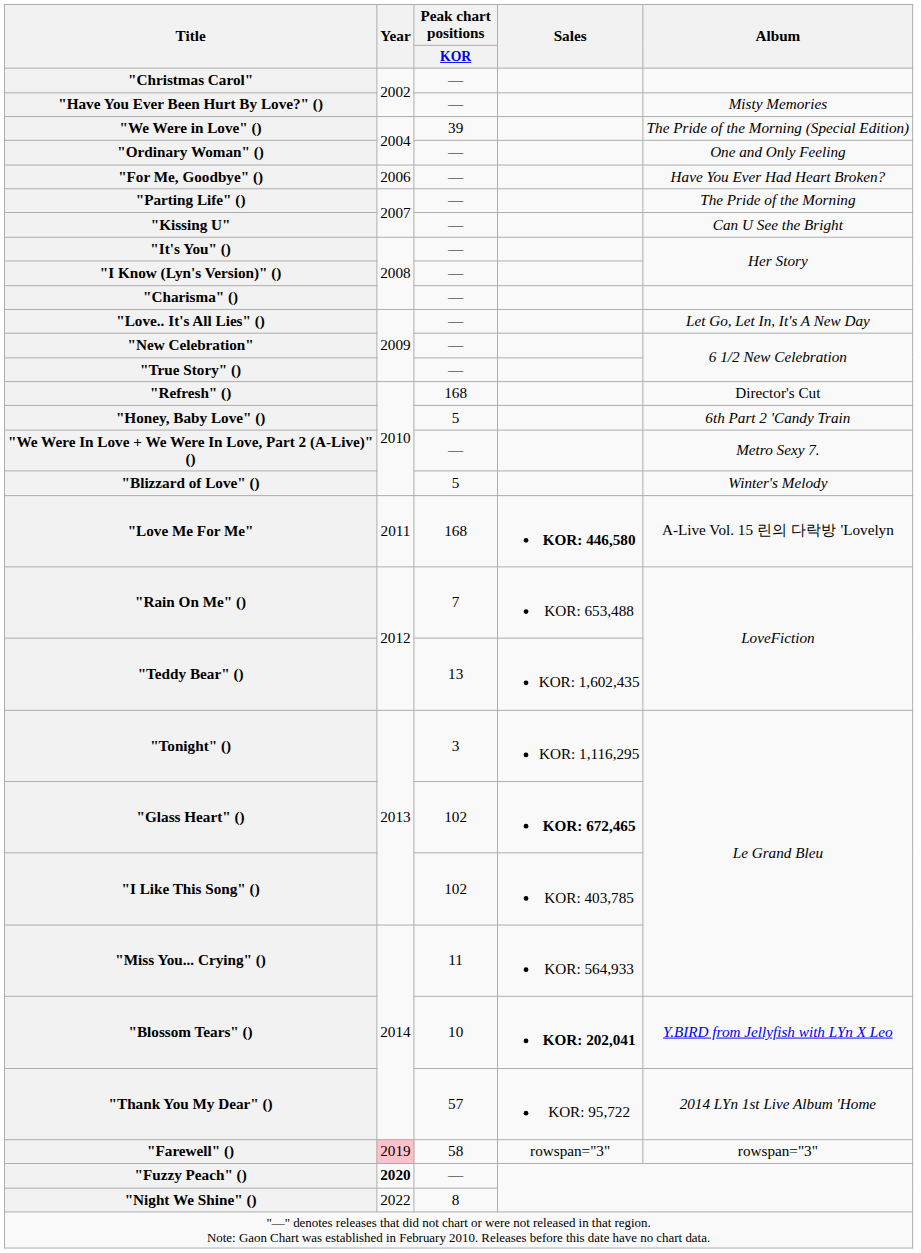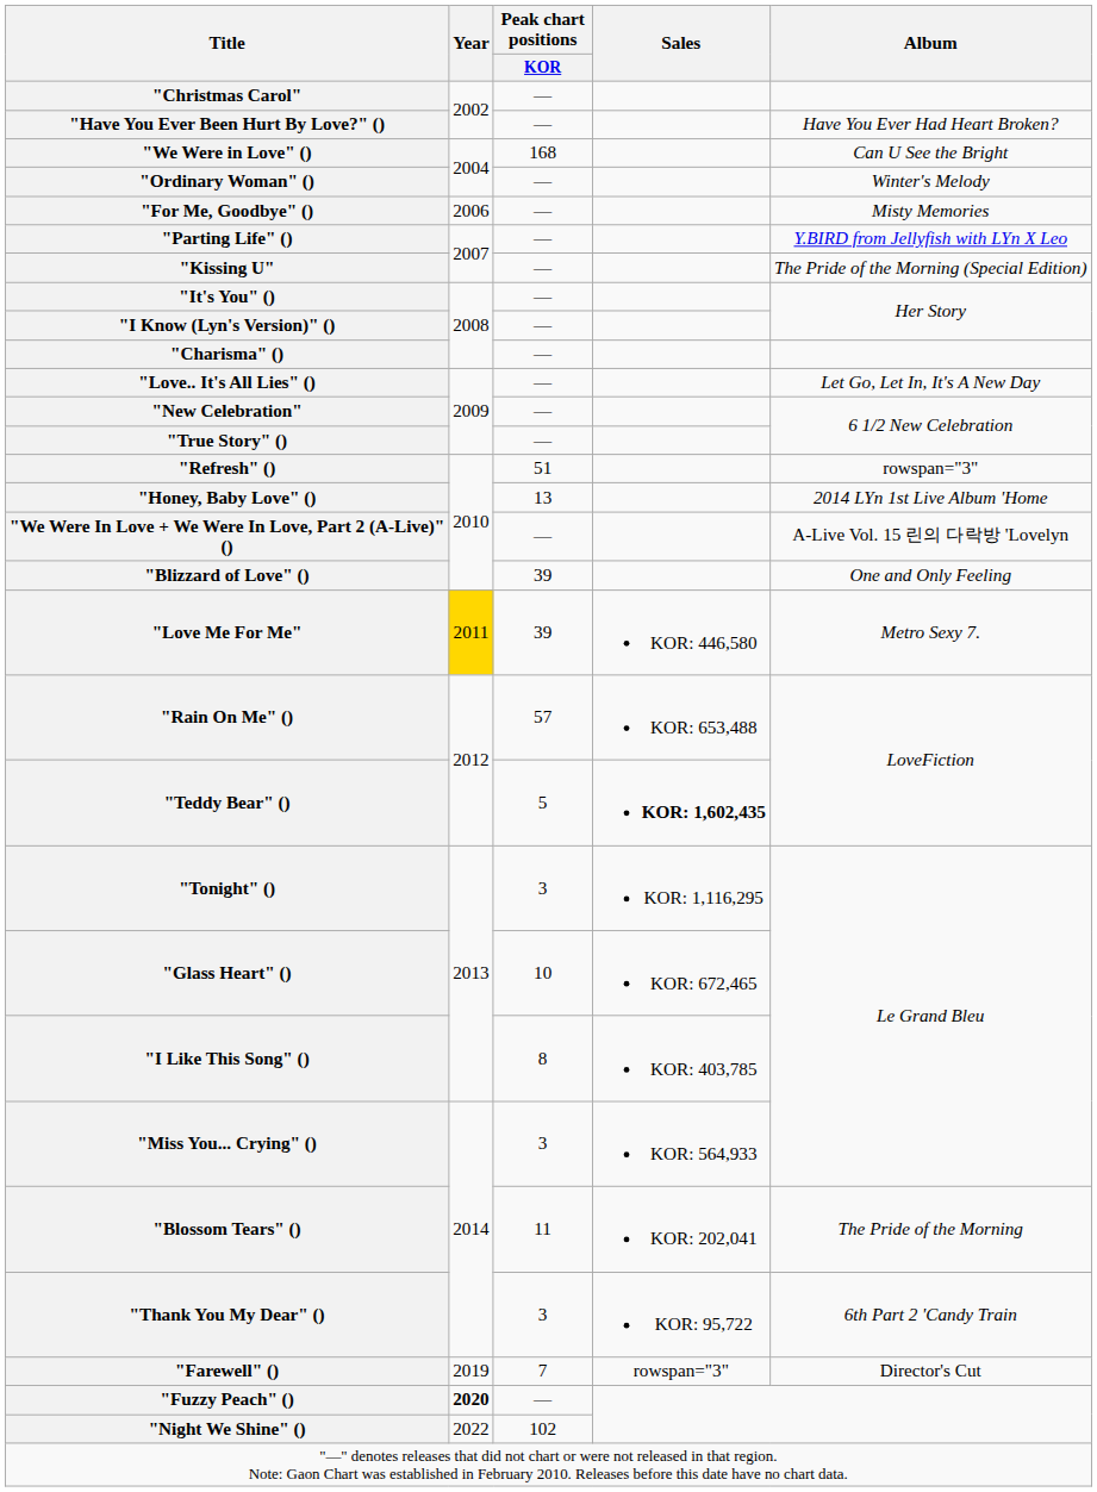 <table class="wikitable plainrowheaders" style="text-align:center;">
 <tr>
 <th rowspan="2" scope="col">Title</th>
 <th rowspan="2" scope="col">Year</th>
 <th colspan="1" scope="col" style="width:5em;">Peak chart positions</th>
 <th rowspan="2" scope="col">Sales </th>
 <th rowspan="2" scope="col">Album</th>
 </tr>
 <tr>
 <th scope="col" style="width:3em;font-size:90%;"><a href='#'>KOR</a><br></th>
 </tr>
 <tr>
 <th scope="row">"Christmas Carol"</th>
 <td rowspan="2">2002</td>
 <td>—</td>
 <td></td>
 <td></td>
 </tr>
 <tr>
 <th scope="row">"Have You Ever Been Hurt By Love?" ()</th>
 <td>—</td>
 <td></td>
-<td><em>Misty Memories</em></td>
+<td><em>Have You Ever Had Heart Broken?</em></td>
 </tr>
 <tr>
 <th scope="row">"We Were in Love" ()</th>
 <td rowspan="2">2004</td>
-<td>39</td>
+<td>168</td>
 <td></td>
-<td><em>The Pride of the Morning (Special Edition)</em></td>
+<td><em>Can U See the Bright</em></td>
 </tr>
 <tr>
 <th scope="row">"Ordinary Woman" ()</th>
 <td>—</td>
 <td></td>
-<td><em>One and Only Feeling</em></td>
+<td><em>Winter's Melody</em></td>
 </tr>
 <tr>
 <th scope="row">"For Me, Goodbye" ()</th>
 <td>2006</td>
 <td>—</td>
 <td></td>
-<td><em>Have You Ever Had Heart Broken?</em></td>
+<td><em>Misty Memories</em></td>
 </tr>
 <tr>
 <th scope="row">"Parting Life" ()</th>
 <td rowspan="2">2007</td>
 <td>—</td>
 <td></td>
-<td><em>The Pride of the Morning</em></td>
+<td><em><a href='#'>Y.BIRD from Jellyfish with LYn X Leo</a></em></td>
 </tr>
 <tr>
 <th scope="row">"Kissing U"</th>
 <td>—</td>
 <td></td>
-<td><em>Can U See the Bright</em></td>
+<td><em>The Pride of the Morning (Special Edition)</em></td>
 </tr>
 <tr>
 <th scope="row">"It's You" ()</th>
 <td rowspan="3">2008</td>
 <td>—</td>
 <td></td>
 <td rowspan="2"><em>Her Story</em></td>
 </tr>
 <tr>
 <th scope="row">"I Know (Lyn's Version)" ()</th>
 <td>—</td>
 <td></td>
 </tr>
 <tr>
 <th scope="row">"Charisma" ()<br></th>
 <td>—</td>
 <td></td>
 <td></td>
 </tr>
 <tr>
 <th scope="row">"Love.. It's All Lies" ()</th>
 <td rowspan="3">2009</td>
 <td>—</td>
 <td></td>
 <td><em>Let Go, Let In, It's A New Day</em></td>
 </tr>
 <tr>
 <th scope="row">"New Celebration"<br></th>
 <td>—</td>
 <td></td>
 <td rowspan="2"><em>6 1/2 New Celebration</em></td>
 </tr>
 <tr>
 <th scope="row">"True Story" ()</th>
 <td>—</td>
 <td></td>
 </tr>
 <tr>
 <th scope="row">"Refresh" ()<br></th>
 <td rowspan="4">2010</td>
-<td>168</td>
+<td>51</td>
 <td></td>
-<td>Director's Cut</td>
+<td>rowspan="3" </td>
 </tr>
 <tr>
 <th scope="row">"Honey, Baby Love" ()</th>
-<td>5</td>
+<td>13</td>
 <td></td>
-<td><em>6th Part 2 'Candy Train<strong></td>
+<td><em>2014 LYn 1st Live Album 'Home<strong></td>
 </tr>
 <tr>
 <th scope="row">"We Were In Love + We Were In Love, Part 2 (A-Live)"<br>()</th>
 <td>—</td>
 <td></td>
-<td><em>Metro Sexy 7.</em></td>
+<td></em>A-Live Vol. 15 린의 다락방 'Lovelyn</strong></td>
 </tr>
 <tr>
 <th scope="row">"Blizzard of Love" ()</th>
-<td>5</td>
+<td>39</td>
 <td></td>
-<td><em>Winter's Melody</em></td>
+<td><em>One and Only Feeling</em></td>
 </tr>
 <tr>
 <th scope="row">"Love Me For Me"</th>
-<td>2011</td>
-<td>168</td>
-<td><strong><br><ul><li>KOR: 446,580</li></ul></strong></td>
-<td></em>A-Live Vol. 15 린의 다락방 'Lovelyn</strong></td>
+<td style="background: gold;">2011</td>
+<td>39</td>
+<td><br><ul><li>KOR: 446,580</li></ul></td>
+<td><em>Metro Sexy 7.</em></td>
 </tr>
 <tr>
 <th scope="row">"Rain On Me" ()</th>
 <td rowspan="2">2012</td>
-<td>7</td>
+<td>57</td>
 <td><br><ul><li>KOR: 653,488</li></ul></td>
 <td rowspan="2"><em>LoveFiction</em></td>
 </tr>
 <tr>
 <th scope="row">"Teddy Bear" ()<br></th>
-<td>13</td>
-<td><br><ul><li>KOR: 1,602,435</li></ul></td>
+<td>5</td>
+<td><strong><br><ul><li>KOR: 1,602,435</li></ul></strong></td>
 </tr>
 <tr>
 <th scope="row">"Tonight" ()<br></th>
 <td rowspan="3">2013</td>
 <td>3</td>
 <td><br><ul><li>KOR: 1,116,295</li></ul></td>
 <td rowspan="4"><em>Le Grand Bleu</em></td>
 </tr>
 <tr>
 <th scope="row">"Glass Heart" ()</th>
-<td>102</td>
-<td><strong><br><ul><li>KOR: 672,465</li></ul></strong></td>
+<td>10</td>
+<td><br><ul><li>KOR: 672,465</li></ul></td>
 </tr>
 <tr>
 <th scope="row">"I Like This Song" ()</th>
-<td>102</td>
+<td>8</td>
 <td><br><ul><li>KOR: 403,785</li></ul></td>
 </tr>
 <tr>
 <th scope="row">"Miss You... Crying" ()</th>
 <td rowspan="3">2014</td>
-<td>11</td>
+<td>3</td>
 <td><br><ul><li>KOR: 564,933</li></ul></td>
 </tr>
 <tr>
 <th scope="row">"Blossom Tears" ()<br></th>
-<td>10</td>
-<td><strong><br><ul><li>KOR: 202,041</li></ul></strong></td>
-<td><em><a href='#'>Y.BIRD from Jellyfish with LYn X Leo</a></em></td>
+<td>11</td>
+<td><br><ul><li>KOR: 202,041</li></ul></td>
+<td><em>The Pride of the Morning</em></td>
 </tr>
 <tr>
 <th scope="row">"Thank You My Dear" ()</th>
-<td>57</td>
+<td>3</td>
 <td><br><ul><li>KOR: 95,722</li></ul></td>
-<td><em>2014 LYn 1st Live Album 'Home<strong></td>
+<td><em>6th Part 2 'Candy Train<strong></td>
 </tr>
 <tr>
 <th scope="row">"Farewell" ()<br></th>
-<td style="background: pink;">2019</td>
-<td>58</td>
+<td>2019</td>
+<td>7</td>
 <td>rowspan="3" </td>
-<td>rowspan="3" </td>
+<td>Director's Cut</td>
 </tr>
 <tr>
 <th scope="row">"Fuzzy Peach" ()</th>
 <td><strong>2020</strong></td>
 <td>—</td>
 </tr>
 <tr>
 <th scope="row">"Night We Shine" ()</th>
 <td>2022</td>
-<td>8</td>
+<td>102</td>
 </tr>
 <tr>
 <td colspan="5" style="font-size:85%">"—" denotes releases that did not chart or were not released in that region.<br>Note: Gaon Chart was established in February 2010. Releases before this date have no chart data.</td>
 </tr>
 </table>
